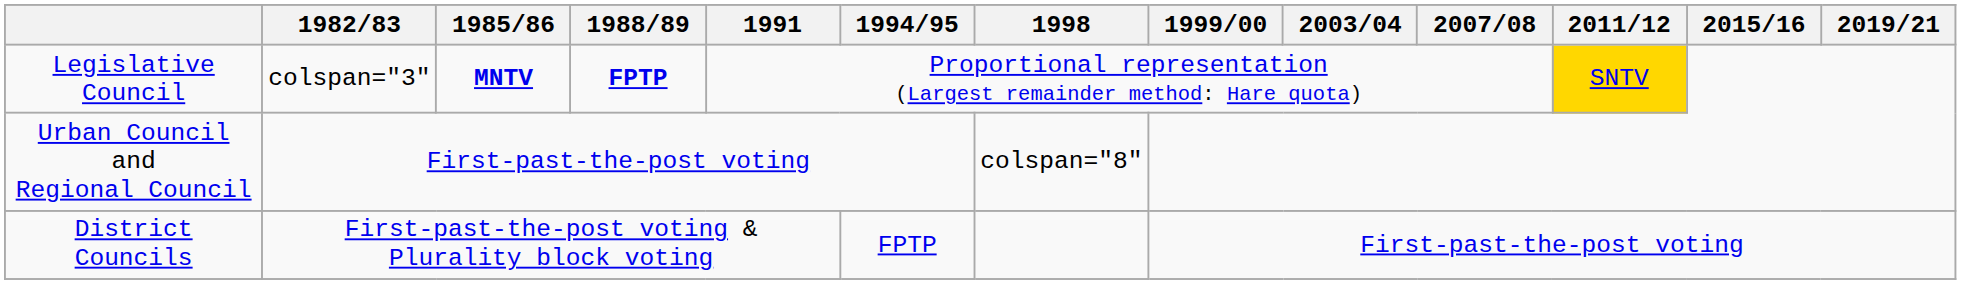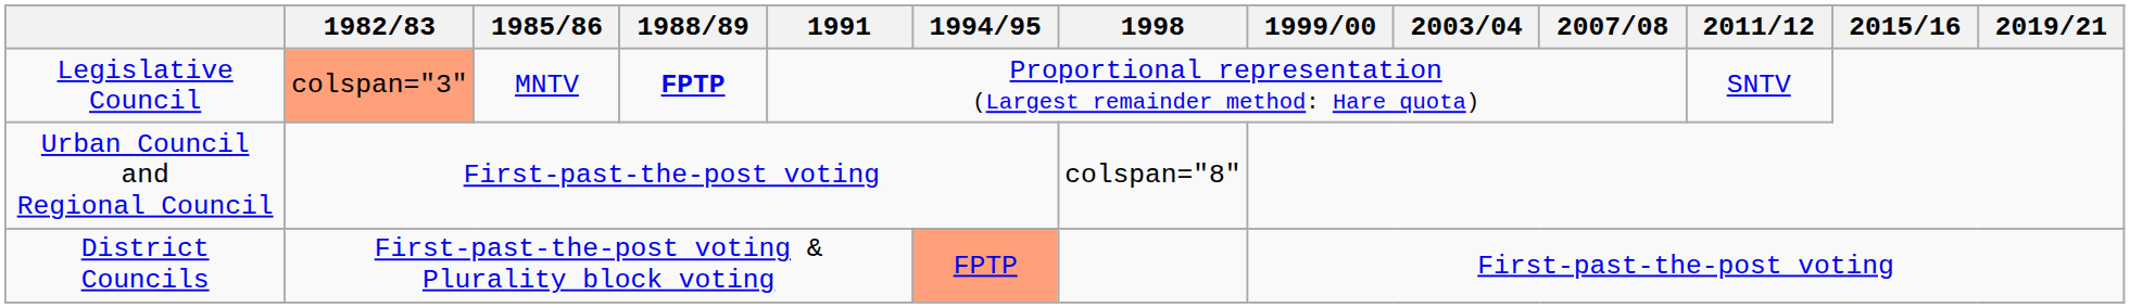 <table class="wikitable" style="text-align: center;">
 <tr>
 <th style=width:10em></th>
 <th style=width:5em>1982/83</th>
 <th style=width:5em>1985/86</th>
 <th style=width:5em>1988/89</th>
 <th style=width:5em>1991</th>
 <th style=width:5em>1994/95</th>
 <th style=width:5em>1998</th>
 <th style=width:5em>1999/00</th>
 <th style=width:5em>2003/04</th>
 <th style=width:5em>2007/08</th>
 <th style=width:5em>2011/12</th>
 <th style=width:5em>2015/16</th>
 <th style=width:5em>2019/21</th>
 </tr>
 <tr>
 <td><a href='#'>Legislative Council</a></td>
-<td>colspan="3" </td>
-<td><strong><a href='#'>MNTV</a></strong></td>
+<td style="background: lightsalmon;">colspan="3" </td>
+<td><a href='#'>MNTV</a></td>
 <td><strong><a href='#'>FPTP</a></strong></td>
 <td colspan="6"><a href='#'>Proportional representation</a><br><small>(<a href='#'>Largest remainder method</a>: <a href='#'>Hare quota</a>)</small></td>
-<td style="background: gold;"><a href='#'>SNTV</a></td>
+<td><a href='#'>SNTV</a></td>
 </tr>
 <tr>
 <td><a href='#'>Urban Council</a> and<br><a href='#'>Regional Council</a></td>
 <td colspan="5"><a href='#'>First-past-the-post voting</a></td>
 <td>colspan="8" </td>
 </tr>
 <tr>
 <td><a href='#'>District Councils</a></td>
 <td colspan="4"><a href='#'>First-past-the-post voting</a> &<br> <a href='#'>Plurality block voting</a></td>
-<td><a href='#'>FPTP</a></td>
+<td style="background: lightsalmon;"><a href='#'>FPTP</a></td>
 <td></td>
 <td colspan="6"><a href='#'>First-past-the-post voting</a></td>
 </tr>
 </table>
